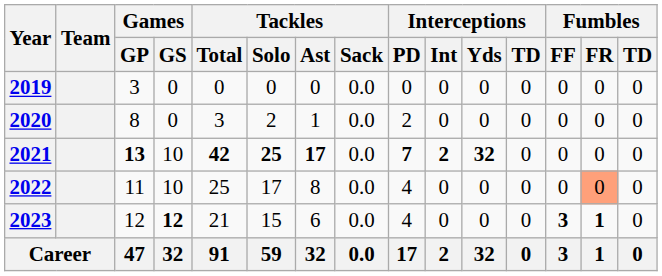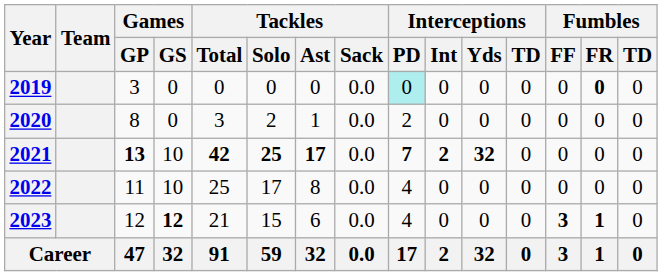 <table class="wikitable" style="text-align:center;">
 <tr>
 <th rowspan="2">Year</th>
 <th rowspan="2">Team</th>
 <th colspan="2">Games</th>
 <th colspan="4">Tackles</th>
 <th colspan="4">Interceptions</th>
 <th colspan="3">Fumbles</th>
 </tr>
 <tr>
 <th>GP</th>
 <th>GS</th>
 <th>Total</th>
 <th>Solo</th>
 <th>Ast</th>
 <th>Sack</th>
 <th>PD</th>
 <th>Int</th>
 <th>Yds</th>
 <th>TD</th>
 <th>FF</th>
 <th>FR</th>
 <th>TD</th>
 </tr>
 <tr>
 <th><a href='#'>2019</a></th>
 <th><a href='#'></a></th>
 <td>3</td>
 <td>0</td>
 <td>0</td>
 <td>0</td>
 <td>0</td>
 <td>0.0</td>
+<td style="background: paleturquoise;">0</td>
 <td>0</td>
 <td>0</td>
 <td>0</td>
 <td>0</td>
-<td>0</td>
-<td>0</td>
+<td><strong>0</strong></td>
 <td>0</td>
 </tr>
 <tr>
 <th><a href='#'>2020</a></th>
 <th><a href='#'></a></th>
 <td>8</td>
 <td>0</td>
 <td>3</td>
 <td>2</td>
 <td>1</td>
 <td>0.0</td>
 <td>2</td>
 <td>0</td>
 <td>0</td>
 <td>0</td>
 <td>0</td>
 <td>0</td>
 <td>0</td>
 </tr>
 <tr>
 <th><a href='#'>2021</a></th>
 <th><a href='#'></a></th>
 <td><strong>13</strong></td>
 <td>10</td>
 <td><strong>42</strong></td>
 <td><strong>25</strong></td>
 <td><strong>17</strong></td>
 <td>0.0</td>
 <td><strong>7</strong></td>
 <td><strong>2</strong></td>
 <td><strong>32</strong></td>
 <td>0</td>
 <td>0</td>
 <td>0</td>
 <td>0</td>
 </tr>
 <tr>
 <th><a href='#'>2022</a></th>
 <th><a href='#'></a></th>
 <td>11</td>
 <td>10</td>
 <td>25</td>
 <td>17</td>
 <td>8</td>
 <td>0.0</td>
 <td>4</td>
 <td>0</td>
 <td>0</td>
 <td>0</td>
 <td>0</td>
-<td style="background: lightsalmon;">0</td>
+<td>0</td>
 <td>0</td>
 </tr>
 <tr>
 <th><a href='#'>2023</a></th>
 <th><a href='#'></a></th>
 <td>12</td>
 <td><strong>12</strong></td>
 <td>21</td>
 <td>15</td>
 <td>6</td>
 <td>0.0</td>
 <td>4</td>
 <td>0</td>
 <td>0</td>
 <td>0</td>
 <td><strong>3</strong></td>
 <td><strong>1</strong></td>
 <td>0</td>
 </tr>
 <tr>
 <th align=center colspan="2">Career</th>
 <th>47</th>
 <th>32</th>
 <th>91</th>
 <th>59</th>
 <th>32</th>
 <th>0.0</th>
 <th>17</th>
 <th>2</th>
 <th>32</th>
 <th>0</th>
 <th>3</th>
 <th>1</th>
 <th>0</th>
 </tr>
 </table>
